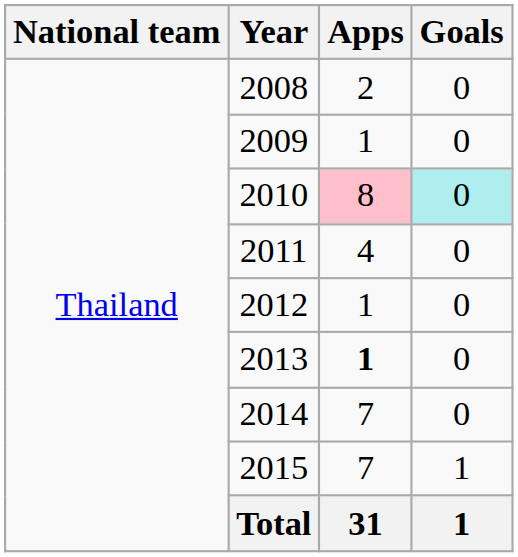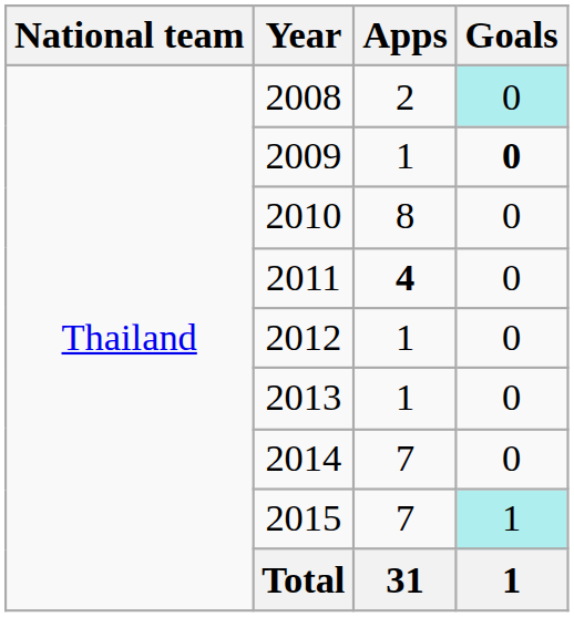 <table class="wikitable" style="text-align:center">
 <tr>
 <th>National team</th>
 <th>Year</th>
 <th>Apps</th>
 <th>Goals</th>
 </tr>
 <tr>
 <td rowspan="9" valign="center"><a href='#'>Thailand</a></td>
 <td>2008</td>
 <td>2</td>
-<td>0</td>
+<td style="background: paleturquoise;">0</td>
 </tr>
 <tr>
 <td>2009</td>
 <td>1</td>
+<td><strong>0</strong></td>
+</tr>
+<tr>
+<td>2010</td>
+<td>8</td>
 <td>0</td>
 </tr>
 <tr>
-<td>2010</td>
-<td style="background: pink;">8</td>
-<td style="background: paleturquoise;">0</td>
-</tr>
-<tr>
 <td>2011</td>
-<td>4</td>
+<td><strong>4</strong></td>
 <td>0</td>
 </tr>
 <tr>
 <td>2012</td>
 <td>1</td>
 <td>0</td>
 </tr>
 <tr>
 <td>2013</td>
-<td><strong>1</strong></td>
+<td>1</td>
 <td>0</td>
 </tr>
 <tr>
 <td>2014</td>
 <td>7</td>
 <td>0</td>
 </tr>
 <tr>
 <td>2015</td>
 <td>7</td>
-<td>1</td>
+<td style="background: paleturquoise;">1</td>
 </tr>
 <tr>
 <th>Total</th>
 <th>31</th>
 <th>1</th>
 </tr>
 </table>
